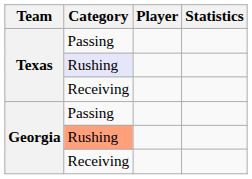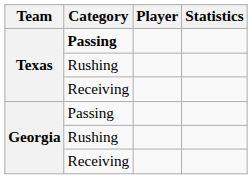 <table class="wikitable" style="float:right">
 <tr>
 <th>Team</th>
 <th>Category</th>
 <th>Player</th>
 <th>Statistics</th>
 </tr>
 <tr>
 <th rowspan=3>Texas</th>
-<td>Passing</td>
+<td><strong>Passing</strong></td>
 <td></td>
 <td></td>
 </tr>
 <tr>
-<td style="background: lavender;">Rushing</td>
+<td>Rushing</td>
 <td></td>
 <td></td>
 </tr>
 <tr>
 <td>Receiving</td>
 <td></td>
 <td></td>
 </tr>
 <tr>
 <th rowspan=3>Georgia</th>
 <td>Passing</td>
 <td></td>
 <td></td>
 </tr>
 <tr>
-<td style="background: lightsalmon;">Rushing</td>
+<td>Rushing</td>
 <td></td>
 <td></td>
 </tr>
 <tr>
 <td>Receiving</td>
 <td></td>
 <td></td>
 </tr>
 </table>
